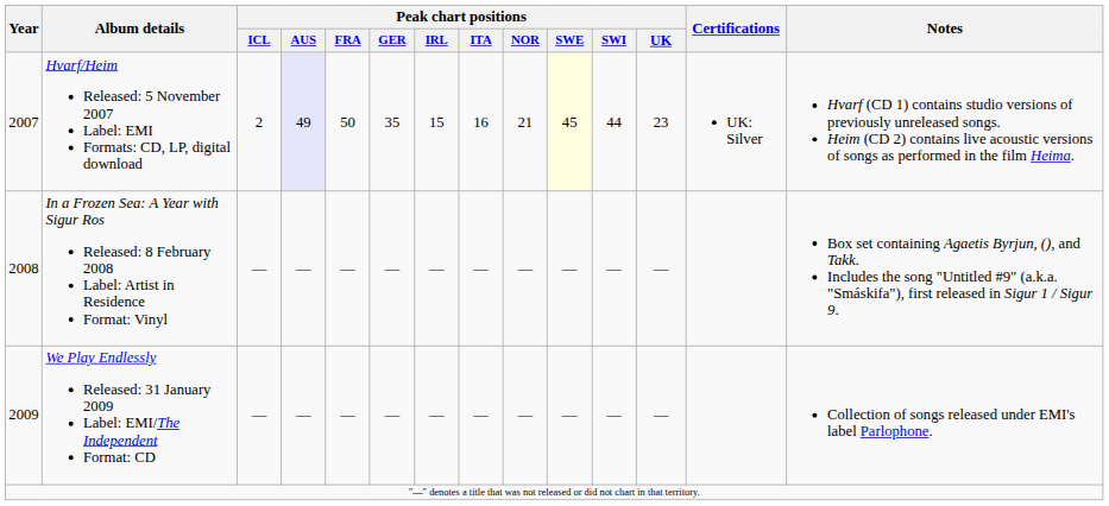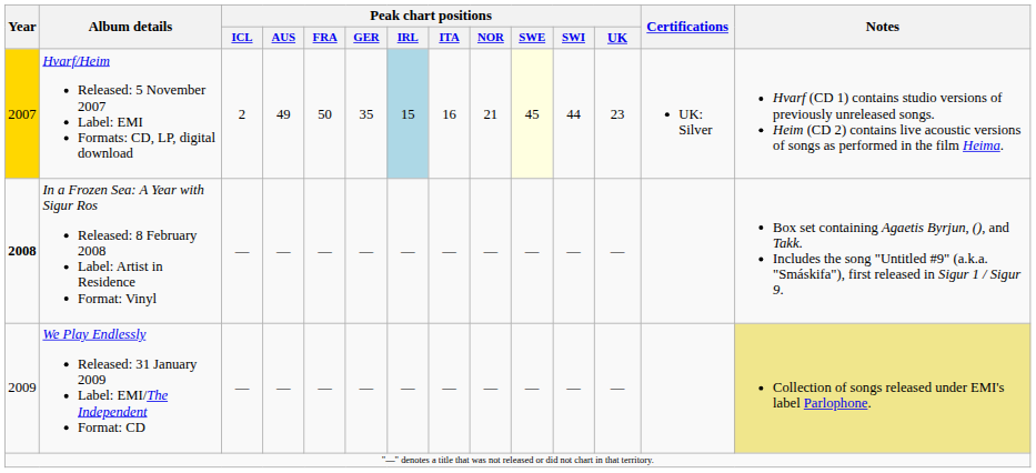 <table class="wikitable">
 <tr>
 <th rowspan="2">Year</th>
 <th rowspan="2" style="width:200px;">Album details</th>
 <th colspan="10">Peak chart positions</th>
 <th style="width:100px;" rowspan="2"><a href='#'>Certifications</a></th>
 <th style="width:330px;" rowspan="2">Notes</th>
 </tr>
 <tr>
 <th style="width:3em;font-size:85%;"><a href='#'>ICL</a><br></th>
 <th style="width:3em;font-size:85%;"><a href='#'>AUS</a><br></th>
 <th style="width:3em;font-size:85%;"><a href='#'>FRA</a><br></th>
 <th style="width:3em;font-size:85%;"><a href='#'>GER</a><br></th>
 <th style="width:3em;font-size:85%;"><a href='#'>IRL</a><br></th>
 <th style="width:3em;font-size:85%;"><a href='#'>ITA</a><br></th>
 <th style="width:3em;font-size:85%;"><a href='#'>NOR</a><br></th>
 <th style="width:3em;font-size:85%;"><a href='#'>SWE</a><br></th>
 <th style="width:3em;font-size:85%;"><a href='#'>SWI</a><br></th>
 <th style="width:3em;font-size:95%;"><a href='#'>UK</a><br></th>
 </tr>
 <tr>
-<td style="text-align:center;">2007</td>
+<td style="background: gold; text-align:center;">2007</td>
 <td><em><a href='#'>Hvarf/Heim</a></em><br><ul><li>Released: 5 November 2007</li><li>Label: EMI</li><li>Formats: CD, LP, digital download</li></ul></td>
 <td style="text-align:center;">2</td>
-<td style="background: lavender; text-align:center;">49</td>
+<td style="text-align:center;">49</td>
 <td style="text-align:center;">50</td>
 <td style="text-align:center;">35</td>
-<td style="text-align:center;">15</td>
+<td style="background: lightblue; text-align:center;">15</td>
 <td style="text-align:center;">16</td>
 <td style="text-align:center;">21</td>
 <td style="background: lightyellow; text-align:center;">45</td>
 <td style="text-align:center;">44</td>
 <td style="text-align:center;">23</td>
 <td><br><ul><li>UK: Silver</li></ul></td>
 <td><br><ul><li><em>Hvarf</em> (CD 1) contains studio versions of previously unreleased songs.</li><li><em>Heim</em> (CD 2) contains live acoustic versions of songs as performed in the film <em><a href='#'>Heima</a></em>.</li></ul></td>
 </tr>
 <tr>
-<td style="text-align:center;">2008</td>
+<td style="text-align:center;"><strong>2008</strong></td>
 <td><em>In a Frozen Sea: A Year with Sigur Ros</em><br><ul><li>Released: 8 February 2008</li><li>Label: Artist in Residence</li><li>Format: Vinyl</li></ul></td>
 <td style="text-align:center;">—</td>
 <td style="text-align:center;">—</td>
 <td style="text-align:center;">—</td>
 <td style="text-align:center;">—</td>
 <td style="text-align:center;">—</td>
 <td style="text-align:center;">—</td>
 <td style="text-align:center;">—</td>
 <td style="text-align:center;">—</td>
 <td style="text-align:center;">—</td>
 <td style="text-align:center;">—</td>
 <td></td>
 <td><br><ul><li>Box set containing <em>Agaetis Byrjun</em>, <em>()</em>, and <em>Takk</em>.</li><li>Includes the song "Untitled #9" (a.k.a. "Smáskifa"), first released in <em>Sigur 1 / Sigur 9</em>.</li></ul></td>
 </tr>
 <tr>
 <td style="text-align:center;">2009</td>
 <td><em><a href='#'>We Play Endlessly</a></em><br><ul><li>Released: 31 January 2009</li><li>Label: EMI/<em><a href='#'>The Independent</a></em></li><li>Format: CD</li></ul></td>
 <td style="text-align:center;">—</td>
 <td style="text-align:center;">—</td>
 <td style="text-align:center;">—</td>
 <td style="text-align:center;">—</td>
 <td style="text-align:center;">—</td>
 <td style="text-align:center;">—</td>
 <td style="text-align:center;">—</td>
 <td style="text-align:center;">—</td>
 <td style="text-align:center;">—</td>
 <td style="text-align:center;">—</td>
 <td></td>
-<td><br><ul><li>Collection of songs released under EMI's label <a href='#'>Parlophone</a>.</li></ul></td>
+<td style="background: khaki;"><br><ul><li>Collection of songs released under EMI's label <a href='#'>Parlophone</a>.</li></ul></td>
 </tr>
 <tr>
 <td colspan="15" style="text-align:center; font-size:8pt;">"—" denotes a title that was not released or did not chart in that territory.</td>
 </tr>
 </table>
